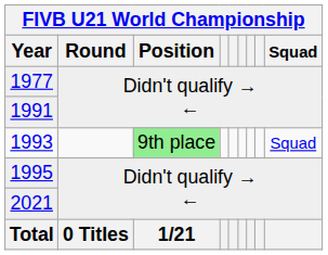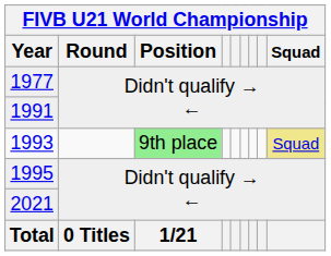 <table class="wikitable" style="text-align: center;">
 <tr>
 <th colspan=9><a href='#'>FIVB U21 World Championship</a></th>
 </tr>
 <tr>
 <th>Year</th>
 <th>Round</th>
 <th>Position</th>
 <th></th>
 <th></th>
 <th></th>
 <th></th>
 <th></th>
 <th><small>Squad</small></th>
 </tr>
 <tr bgcolor="efefef">
 <td> <a href='#'>1977</a></td>
 <td colspan=9 rowspan=2>Didn't qualify → <br> ←</td>
 </tr>
 <tr bgcolor="efefef">
 <td> <a href='#'>1991</a></td>
 </tr>
 <tr>
 <td> <a href='#'>1993</a></td>
 <td></td>
 <td style="background: lightgreen;">9th place</td>
 <td></td>
 <td></td>
 <td></td>
 <td></td>
 <td></td>
-<td><small><a href='#'>Squad</a></small></td>
+<td style="background: khaki;"><small><a href='#'>Squad</a></small></td>
 </tr>
 <tr bgcolor="efefef">
 <td> <a href='#'>1995</a></td>
 <td colspan=8 rowspan=2>Didn't qualify → <br> ←</td>
 </tr>
 <tr bgcolor="efefef">
 <td>  <a href='#'>2021</a></td>
 </tr>
 <tr>
 <th>Total</th>
 <th>0 Titles</th>
 <th>1/21</th>
 <th></th>
 <th></th>
 <th></th>
 <th></th>
 <th></th>
 <th></th>
 </tr>
 </table>
